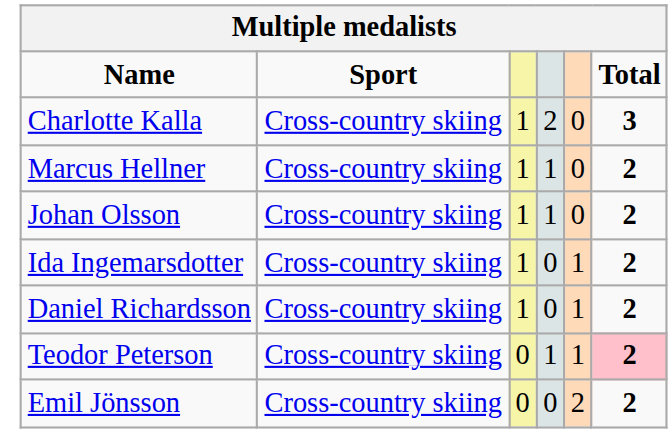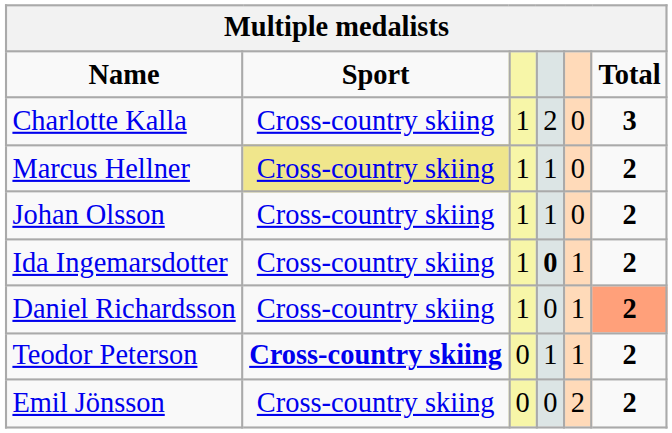 <table class="wikitable" style="font-size:85%;float:right;clear:right;">
 <tr style="background:#efefef;">
 <th colspan=7>Multiple medalists</th>
 </tr>
 <tr align=center>
 <td><strong>Name</strong></td>
 <td><strong>Sport</strong></td>
 <td bgcolor=#f7f6a8></td>
 <td bgcolor=#dce5e5></td>
 <td bgcolor=#ffdab9></td>
 <td><strong>Total</strong></td>
 </tr>
 <tr align=center>
 <td align=left><a href='#'>Charlotte Kalla</a></td>
 <td><a href='#'>Cross-country skiing</a></td>
 <td style="background:#F7F6A8;">1</td>
 <td style="background:#DCE5E5;">2</td>
 <td style="background:#FFDAB9;">0</td>
 <td><strong>3</strong></td>
 </tr>
 <tr align=center>
 <td align=left><a href='#'>Marcus Hellner</a></td>
-<td><a href='#'>Cross-country skiing</a></td>
+<td style="background: khaki;"><a href='#'>Cross-country skiing</a></td>
 <td style="background:#F7F6A8;">1</td>
 <td style="background:#DCE5E5;">1</td>
 <td style="background:#FFDAB9;">0</td>
 <td><strong>2</strong></td>
 </tr>
 <tr align=center>
 <td align=left><a href='#'>Johan Olsson</a></td>
 <td><a href='#'>Cross-country skiing</a></td>
 <td style="background:#F7F6A8;">1</td>
 <td style="background:#DCE5E5;">1</td>
 <td style="background:#FFDAB9;">0</td>
 <td><strong>2</strong></td>
 </tr>
 <tr align=center>
 <td align=left><a href='#'>Ida Ingemarsdotter</a></td>
 <td><a href='#'>Cross-country skiing</a></td>
 <td style="background:#F7F6A8;">1</td>
-<td style="background:#DCE5E5;">0</td>
+<td style="background:#DCE5E5;"><strong>0</strong></td>
 <td style="background:#FFDAB9;">1</td>
 <td><strong>2</strong></td>
 </tr>
 <tr align=center>
 <td align=left><a href='#'>Daniel Richardsson</a></td>
 <td><a href='#'>Cross-country skiing</a></td>
 <td style="background:#F7F6A8;">1</td>
 <td style="background:#DCE5E5;">0</td>
 <td style="background:#FFDAB9;">1</td>
-<td><strong>2</strong></td>
+<td style="background: lightsalmon;"><strong>2</strong></td>
 </tr>
 <tr align=center>
 <td align=left><a href='#'>Teodor Peterson</a></td>
-<td><a href='#'>Cross-country skiing</a></td>
+<td><strong><a href='#'>Cross-country skiing</a></strong></td>
 <td style="background:#F7F6A8;">0</td>
 <td style="background:#DCE5E5;">1</td>
 <td style="background:#FFDAB9;">1</td>
-<td style="background: pink;"><strong>2</strong></td>
+<td><strong>2</strong></td>
 </tr>
 <tr align=center>
 <td align=left><a href='#'>Emil Jönsson</a></td>
 <td><a href='#'>Cross-country skiing</a></td>
 <td style="background:#F7F6A8;">0</td>
 <td style="background:#DCE5E5;">0</td>
 <td style="background:#FFDAB9;">2</td>
 <td><strong>2</strong></td>
 </tr>
 </table>
